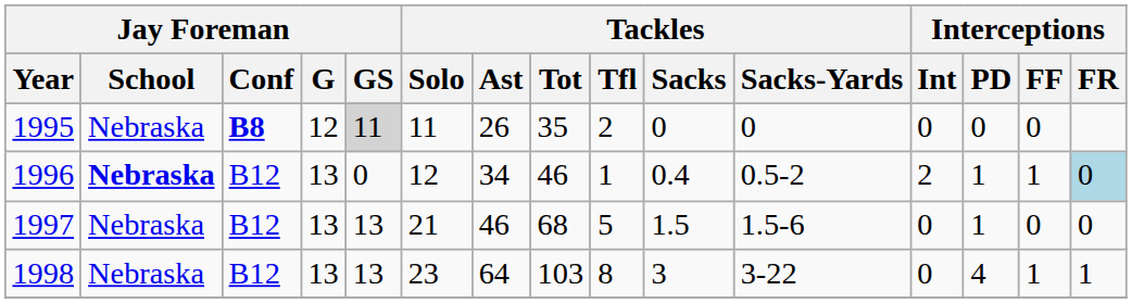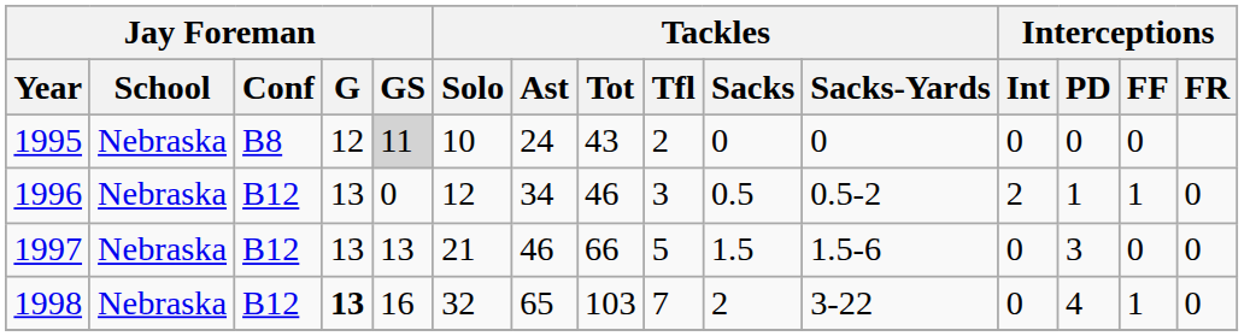 <table class="wikitable">
 <tr>
 <th colspan="5" style="text-align: center; font-weight:bold;">Jay Foreman</th>
 <th colspan="6" style="text-align: center; font-weight:bold;">Tackles</th>
 <th colspan="7" style="text-align: center; font-weight:bold;">Interceptions</th>
 </tr>
 <tr>
 <th style="font-weight:bold;" style=>Year</th>
 <th style="font-weight:bold;" style=>School</th>
 <th style="font-weight:bold;" style=>Conf</th>
 <th style="font-weight:bold;" style=>G</th>
 <th style="font-weight:bold;" style=>GS</th>
 <th style="font-weight:bold;" style=>Solo</th>
 <th style="font-weight:bold;" style=>Ast</th>
 <th style="font-weight:bold;" style=>Tot</th>
 <th style="font-weight:bold;" style=>Tfl</th>
 <th style="font-weight:bold;" style=>Sacks</th>
 <th style="font-weight:bold;" style=>Sacks-Yards</th>
 <th style="font-weight:bold;" style=>Int</th>
 <th style="font-weight:bold;" style=>PD</th>
 <th style="font-weight:bold;" style=>FF</th>
 <th style="font-weight:bold;" style=>FR</th>
 </tr>
 <tr>
 <td><a href='#'>1995</a></td>
 <td><a href='#'>Nebraska</a></td>
-<td><strong><a href='#'>B8</a></strong></td>
+<td><a href='#'>B8</a></td>
 <td>12</td>
 <td style="background: lightgrey;">11</td>
-<td>11</td>
-<td>26</td>
-<td>35</td>
+<td>10</td>
+<td>24</td>
+<td>43</td>
 <td>2</td>
 <td>0</td>
 <td>0</td>
 <td>0</td>
 <td>0</td>
 <td>0</td>
 </tr>
 <tr>
 <td><a href='#'>1996</a></td>
-<td><strong><a href='#'>Nebraska</a></strong></td>
+<td><a href='#'>Nebraska</a></td>
 <td><a href='#'>B12</a></td>
 <td>13</td>
 <td>0</td>
 <td>12</td>
 <td>34</td>
 <td>46</td>
-<td>1</td>
-<td>0.4</td>
+<td>3</td>
+<td>0.5</td>
 <td>0.5-2</td>
 <td>2</td>
 <td>1</td>
 <td>1</td>
-<td style="background: lightblue;">0</td>
+<td>0</td>
 </tr>
 <tr>
 <td><a href='#'>1997</a></td>
 <td><a href='#'>Nebraska</a></td>
 <td><a href='#'>B12</a></td>
 <td>13</td>
 <td>13</td>
 <td>21</td>
 <td>46</td>
-<td>68</td>
+<td>66</td>
 <td>5</td>
 <td>1.5</td>
 <td>1.5-6</td>
 <td>0</td>
-<td>1</td>
+<td>3</td>
 <td>0</td>
 <td>0</td>
 </tr>
 <tr>
 <td><a href='#'>1998</a></td>
 <td><a href='#'>Nebraska</a></td>
 <td><a href='#'>B12</a></td>
-<td>13</td>
-<td>13</td>
-<td>23</td>
-<td>64</td>
+<td><strong>13</strong></td>
+<td>16</td>
+<td>32</td>
+<td>65</td>
 <td>103</td>
-<td>8</td>
-<td>3</td>
+<td>7</td>
+<td>2</td>
 <td>3-22</td>
 <td>0</td>
 <td>4</td>
 <td>1</td>
-<td>1</td>
+<td>0</td>
 </tr>
 <tr>
 </tr>
 </table>
